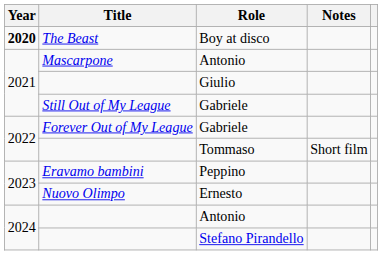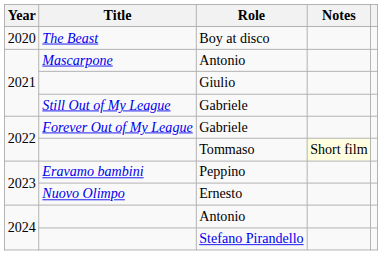 <table class="wikitable sortable">
 <tr>
 <th>Year</th>
 <th>Title</th>
 <th>Role</th>
 <th class="unsortable">Notes</th>
 <th class="unsortable"></th>
 </tr>
 <tr>
-<td><strong>2020</strong></td>
+<td>2020</td>
 <td><em><a href='#'>The Beast</a></em></td>
 <td>Boy at disco</td>
 <td></td>
 <td></td>
 </tr>
 <tr>
 <td rowspan="3">2021</td>
 <td><em><a href='#'>Mascarpone</a></em></td>
 <td>Antonio</td>
 <td></td>
 <td></td>
 </tr>
 <tr>
 <td><em></em></td>
 <td>Giulio</td>
 <td></td>
 <td></td>
 </tr>
 <tr>
 <td><em><a href='#'>Still Out of My League</a></em></td>
 <td>Gabriele</td>
 <td></td>
 <td></td>
 </tr>
 <tr>
 <td rowspan="2">2022</td>
 <td><em><a href='#'>Forever Out of My League</a></em></td>
 <td>Gabriele</td>
 <td></td>
 <td></td>
 </tr>
 <tr>
 <td><em></em></td>
 <td>Tommaso</td>
-<td>Short film</td>
+<td style="background: lightyellow;">Short film</td>
 <td></td>
 </tr>
 <tr>
 <td rowspan="2">2023</td>
 <td><em><a href='#'>Eravamo bambini</a></em></td>
 <td>Peppino</td>
 <td></td>
 <td></td>
 </tr>
 <tr>
 <td><em><a href='#'>Nuovo Olimpo</a></em></td>
 <td>Ernesto</td>
 <td></td>
 <td></td>
 </tr>
 <tr>
 <td rowspan="2">2024</td>
 <td><em></em></td>
 <td>Antonio</td>
 <td></td>
 <td></td>
 </tr>
 <tr>
 <td><em></em></td>
 <td><a href='#'>Stefano Pirandello</a></td>
 <td></td>
 <td></td>
 </tr>
 </table>
